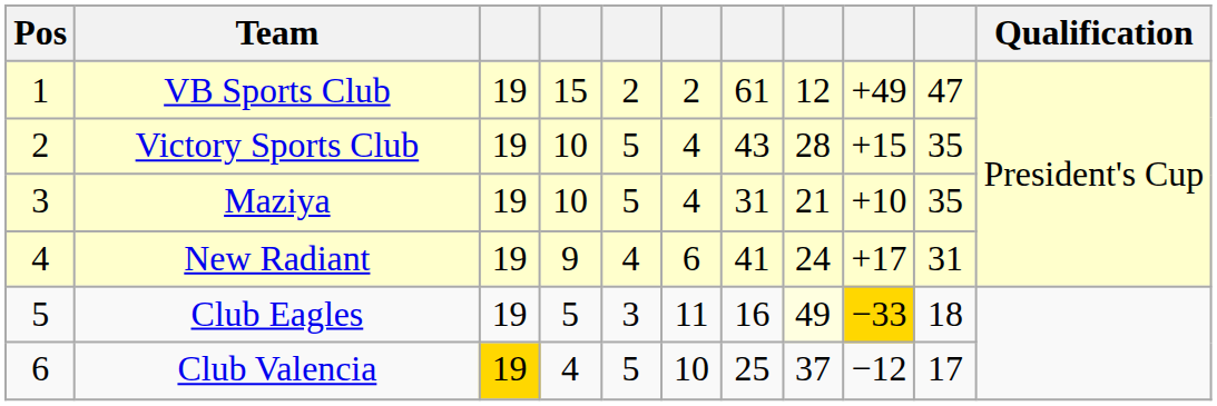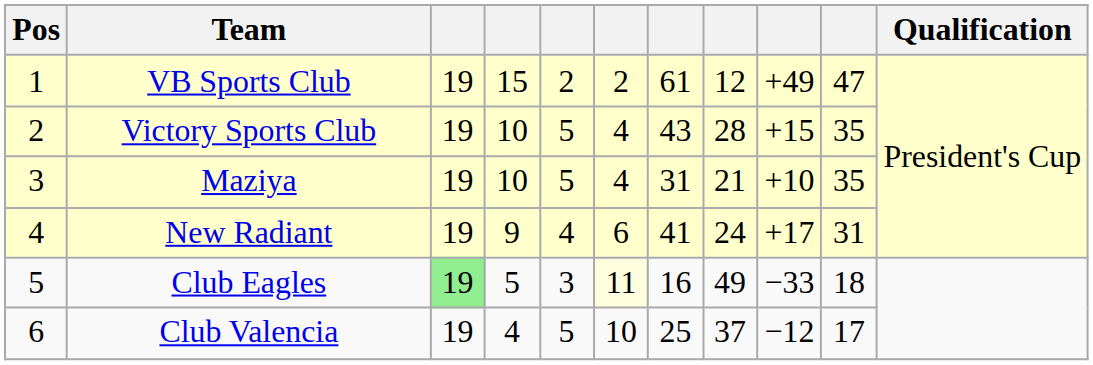 <table class="wikitable" style="text-align: center;">
 <tr>
 <th width="20">Pos</th>
 <th width="175">Team</th>
 <th width="20"></th>
 <th width="20"></th>
 <th width="20"></th>
 <th width="20"></th>
 <th width="20"></th>
 <th width="20"></th>
 <th width="20"></th>
 <th width="20"></th>
 <th>Qualification</th>
 </tr>
 <tr style="background:#ffffcc">
 <td>1</td>
 <td><a href='#'>VB Sports Club</a></td>
 <td>19</td>
 <td>15</td>
 <td>2</td>
 <td>2</td>
 <td>61</td>
 <td>12</td>
 <td>+49</td>
 <td>47</td>
 <td rowspan="4">President's Cup</td>
 </tr>
 <tr style="background:#ffffcc">
 <td>2</td>
 <td><a href='#'>Victory Sports Club</a></td>
 <td>19</td>
 <td>10</td>
 <td>5</td>
 <td>4</td>
 <td>43</td>
 <td>28</td>
 <td>+15</td>
 <td>35</td>
 </tr>
 <tr style="background:#ffffcc">
 <td>3</td>
 <td><a href='#'>Maziya</a></td>
 <td>19</td>
 <td>10</td>
 <td>5</td>
 <td>4</td>
 <td>31</td>
 <td>21</td>
 <td>+10</td>
 <td>35</td>
 </tr>
 <tr style="background:#ffffcc">
 <td>4</td>
 <td><a href='#'>New Radiant</a></td>
 <td>19</td>
 <td>9</td>
 <td>4</td>
 <td>6</td>
 <td>41</td>
 <td>24</td>
 <td>+17</td>
 <td>31</td>
 </tr>
 <tr>
 <td>5</td>
 <td><a href='#'>Club Eagles</a></td>
-<td>19</td>
+<td style="background: lightgreen;">19</td>
 <td>5</td>
 <td>3</td>
-<td>11</td>
+<td style="background: lightyellow;">11</td>
 <td>16</td>
-<td style="background: lightyellow;">49</td>
-<td style="background: gold;">−33</td>
+<td>49</td>
+<td>−33</td>
 <td>18</td>
 </tr>
 <tr>
 <td>6</td>
 <td><a href='#'>Club Valencia</a></td>
-<td style="background: gold;">19</td>
+<td>19</td>
 <td>4</td>
 <td>5</td>
 <td>10</td>
 <td>25</td>
 <td>37</td>
 <td>−12</td>
 <td>17</td>
 </tr>
 </table>
